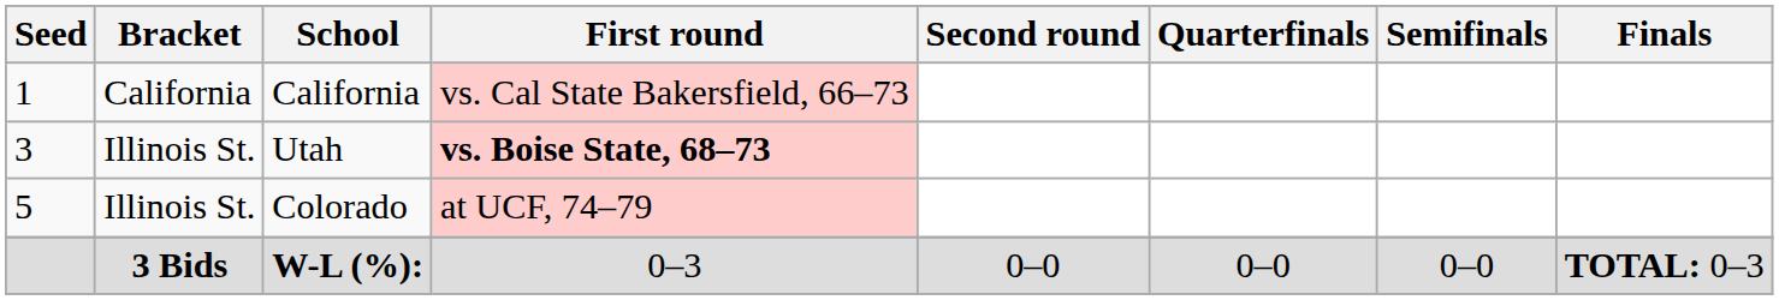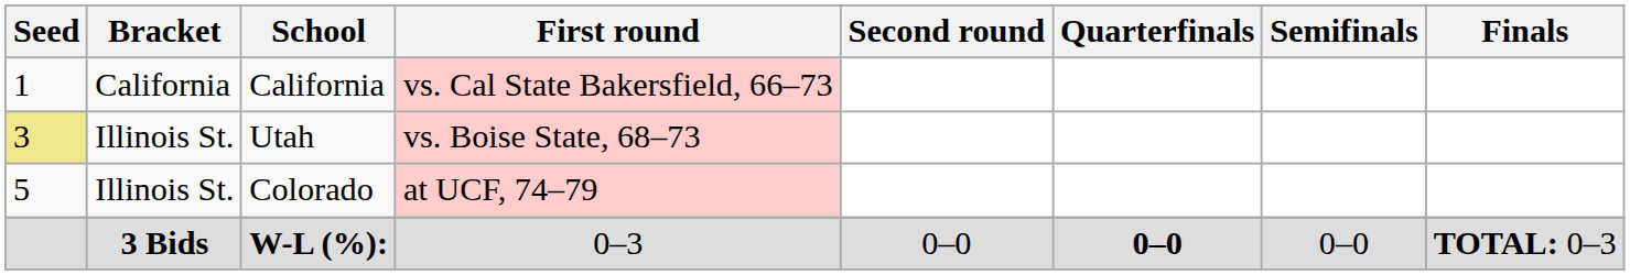 <table class="sortable wikitable" style="white-space:nowrap; font-size:100%;">
 <tr>
 <th>Seed</th>
 <th>Bracket</th>
 <th>School</th>
 <th>First round</th>
 <th>Second round</th>
 <th>Quarterfinals</th>
 <th>Semifinals</th>
 <th>Finals</th>
 </tr>
 <tr>
 <td>1</td>
 <td>California</td>
 <td>California</td>
 <td style="background:#fcc;">vs. Cal State Bakersfield, 66–73</td>
 <td style="background:#fff;"></td>
 <td style="background:#fff;"></td>
 <td style="background:#fff;"></td>
 <td style="background:#fff;"></td>
 </tr>
 <tr>
-<td>3</td>
+<td style="background: khaki;">3</td>
 <td>Illinois St.</td>
 <td>Utah</td>
-<td style="background:#fcc;"><strong>vs. Boise State, 68–73</strong></td>
+<td style="background:#fcc;">vs. Boise State, 68–73</td>
 <td style="background:#fff;"></td>
 <td style="background:#fff;"></td>
 <td style="background:#fff;"></td>
 <td style="background:#fff;"></td>
 </tr>
 <tr>
 <td>5</td>
 <td>Illinois St.</td>
 <td>Colorado</td>
 <td style="background:#fcc;">at UCF, 74–79</td>
 <td style="background:#fff;"></td>
 <td style="background:#fff;"></td>
 <td style="background:#fff;"></td>
 <td style="background:#fff;"></td>
 </tr>
 <tr>
 </tr>
 <tr class="sortbottom" style="text-align:center; background:#ddd;">
 <td></td>
 <td><strong>3 Bids</strong></td>
 <td><strong>W-L (%):</strong></td>
 <td>0–3 </td>
 <td>0–0 </td>
-<td>0–0 </td>
+<td><strong>0–0 </strong></td>
 <td>0–0 </td>
 <td><strong>TOTAL:</strong> 0–3 </td>
 </tr>
 </table>
